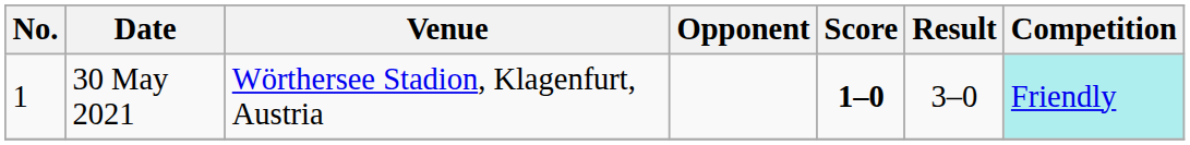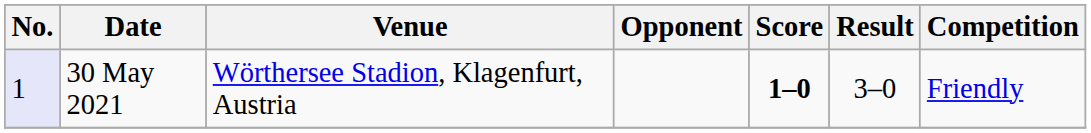 <table class="wikitable sortable">
 <tr>
 <th>No.</th>
 <th>Date</th>
 <th>Venue</th>
 <th>Opponent</th>
 <th>Score</th>
 <th>Result</th>
 <th>Competition</th>
 </tr>
 <tr>
-<td>1</td>
+<td style="background: lavender;">1</td>
 <td>30 May 2021</td>
 <td><a href='#'>Wörthersee Stadion</a>, Klagenfurt, Austria</td>
 <td></td>
 <td align=center><strong>1–0</strong></td>
 <td align=center>3–0</td>
-<td style="background: paleturquoise;"><a href='#'>Friendly</a></td>
+<td><a href='#'>Friendly</a></td>
 </tr>
 <tr>
 </tr>
 </table>
